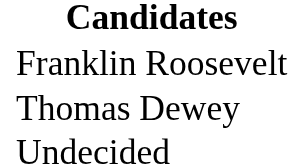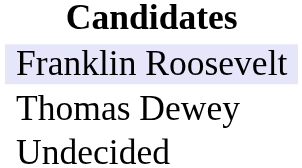 <table style="float; margin-left: 1em; margin-bottom: 0.5em" class="floatright">
 <tr>
 <td style="text-align: center"><span><strong>Candidates</strong></span></td>
 </tr>
 <tr>
-<td style="padding: 0 5px;"> Franklin Roosevelt</td>
+<td style="background: lavender; padding: 0 5px;"> Franklin Roosevelt</td>
 </tr>
 <tr>
 <td style="padding: 0 5px;"> Thomas Dewey</td>
 </tr>
 <tr>
 <td style="padding: 0 5px;"> Undecided</td>
 </tr>
 <tr>
 </tr>
 </table>
